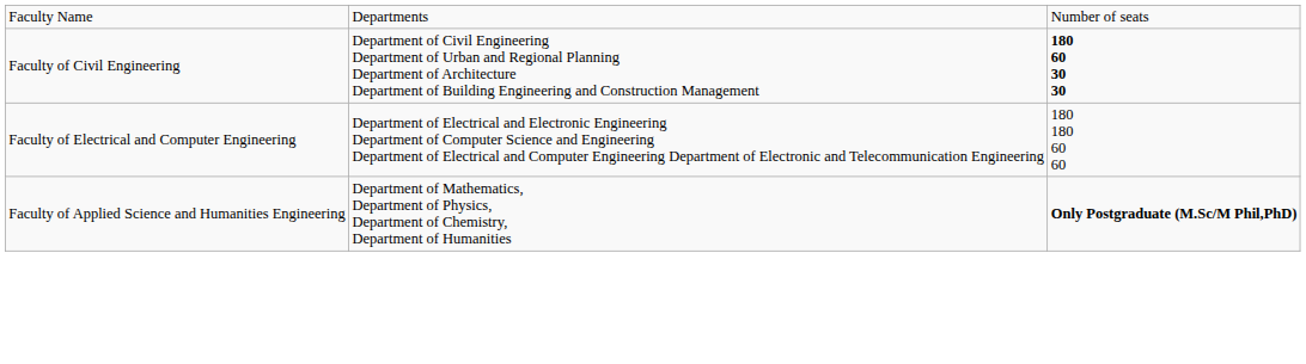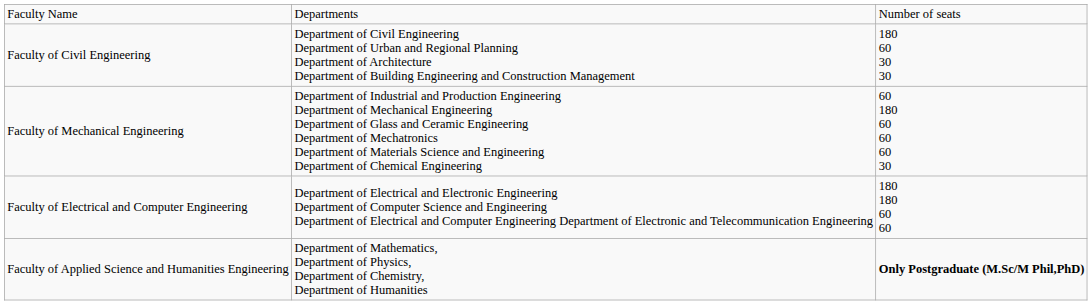 <table class="wikitable">
 <tr>
 <td>Faculty Name</td>
 <td>Departments</td>
 <td>Number of seats</td>
 </tr>
 <tr>
 <td>Faculty of Civil Engineering</td>
 <td>Department of Civil Engineering<br>Department of Urban and Regional Planning<br>Department of Architecture<br>Department of Building Engineering and Construction Management</td>
-<td><strong>180<br>60<br>30<br>30</strong></td>
+<td>180<br>60<br>30<br>30</td>
+</tr>
+<tr>
+<td>Faculty of Mechanical Engineering</td>
+<td>Department of Industrial and Production Engineering<br>Department of Mechanical Engineering<br>Department of Glass and Ceramic Engineering<br>Department of Mechatronics<br>Department of Materials Science and Engineering<br>Department of Chemical Engineering</td>
+<td>60<br>180<br>60<br>60<br>60<br>30</td>
 </tr>
 <tr>
 <td>Faculty of Electrical and Computer Engineering</td>
 <td>Department of Electrical and Electronic Engineering<br>Department of Computer Science and Engineering<br>Department of Electrical and Computer Engineering Department of Electronic and Telecommunication Engineering</td>
 <td>180<br>180<br>60<br>60</td>
 </tr>
 <tr>
 <td>Faculty of Applied Science and Humanities Engineering</td>
 <td>Department of Mathematics,<br>Department of Physics,<br>Department of Chemistry,<br>Department of Humanities</td>
 <td><strong>Only Postgraduate (M.Sc/M Phil,PhD)</strong></td>
 </tr>
 </table>
